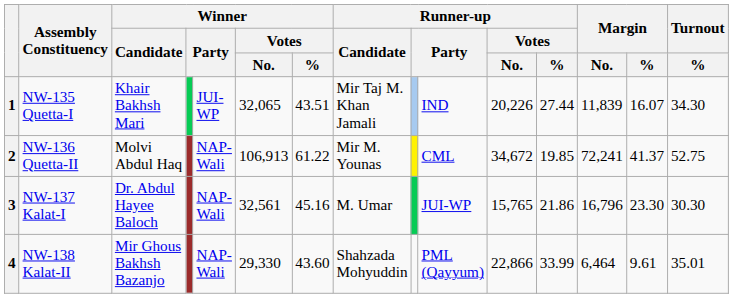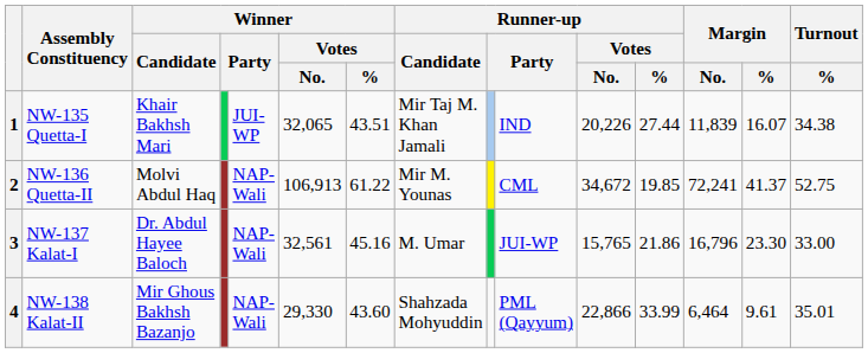 <table class="wikitable sortable">
 <tr>
 <th rowspan="3"></th>
 <th rowspan="3">Assembly Constituency</th>
 <th colspan="5">Winner</th>
 <th colspan="5">Runner-up</th>
 <th colspan="2" rowspan="2">Margin</th>
 <th rowspan="2">Turnout</th>
 </tr>
 <tr>
 <th rowspan="2">Candidate</th>
 <th colspan="2" rowspan="2">Party</th>
 <th colspan="2">Votes</th>
 <th rowspan="2">Candidate</th>
 <th colspan="2" rowspan="2">Party</th>
 <th colspan="2">Votes</th>
 </tr>
 <tr>
 <th>No.</th>
 <th>%</th>
 <th>No.</th>
 <th>%</th>
 <th>No.</th>
 <th>%</th>
 <th>%</th>
 </tr>
 <tr>
 <th>1</th>
 <td><a href='#'>NW-135 Quetta-I</a></td>
 <td><a href='#'>Khair Bakhsh Mari</a></td>
 <td bgcolor="#06cc55"></td>
 <td><a href='#'>JUI-WP</a></td>
 <td>32,065</td>
 <td>43.51</td>
 <td>Mir Taj M. Khan Jamali</td>
 <td bgcolor="#a6caf0"></td>
 <td><a href='#'>IND</a></td>
 <td>20,226</td>
 <td>27.44</td>
 <td>11,839</td>
 <td>16.07</td>
-<td>34.30</td>
+<td>34.38</td>
 </tr>
 <tr>
 <th>2</th>
 <td><a href='#'>NW-136 Quetta-II</a></td>
 <td>Molvi Abdul Haq</td>
 <td bgcolor="#9b2b2b"></td>
 <td><a href='#'>NAP-Wali</a></td>
 <td>106,913</td>
 <td>61.22</td>
 <td>Mir M. Younas</td>
 <td bgcolor="#fff200"></td>
 <td><a href='#'>CML</a></td>
 <td>34,672</td>
 <td>19.85</td>
 <td>72,241</td>
 <td>41.37</td>
 <td>52.75</td>
 </tr>
 <tr>
 <th>3</th>
 <td><a href='#'>NW-137 Kalat-I</a></td>
 <td><a href='#'>Dr. Abdul Hayee Baloch</a></td>
 <td bgcolor="#9b2b2b"></td>
 <td><a href='#'>NAP-Wali</a></td>
 <td>32,561</td>
 <td>45.16</td>
 <td>M. Umar</td>
 <td bgcolor="#06cc55"></td>
 <td><a href='#'>JUI-WP</a></td>
 <td>15,765</td>
 <td>21.86</td>
 <td>16,796</td>
 <td>23.30</td>
-<td>30.30</td>
+<td>33.00</td>
 </tr>
 <tr>
 <th>4</th>
 <td><a href='#'>NW-138 Kalat-II</a></td>
 <td><a href='#'>Mir Ghous Bakhsh Bazanjo</a></td>
 <td bgcolor="#9b2b2b"></td>
 <td><a href='#'>NAP-Wali</a></td>
 <td>29,330</td>
 <td>43.60</td>
 <td>Shahzada Mohyuddin</td>
 <td></td>
 <td><a href='#'>PML (Qayyum)</a></td>
 <td>22,866</td>
 <td>33.99</td>
 <td>6,464</td>
 <td>9.61</td>
 <td>35.01</td>
 </tr>
 </table>
